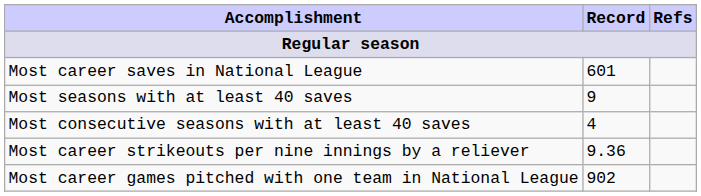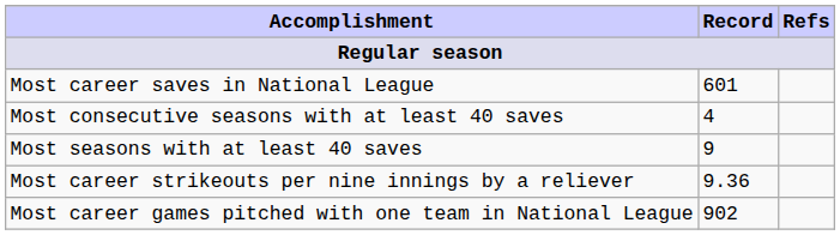 <table class="wikitable" margin: 5px; text-align: center;>
 <tr>
 </tr>
 <tr>
 <th style="background:#ccccff;">Accomplishment</th>
 <th style="background:#ccccff;">Record</th>
 <th style="background:#ccccff;">Refs</th>
 </tr>
 <tr>
 <th style="background:#ddddee;" colspan="3">Regular season</th>
 </tr>
 <tr>
 <td>Most career saves in National League</td>
 <td>601</td>
 <td></td>
 </tr>
 <tr>
-<td>Most seasons with at least 40 saves</td>
-<td>9 </td>
+<td>Most consecutive seasons with at least 40 saves</td>
+<td>4 </td>
 <td></td>
 </tr>
 <tr>
-<td>Most consecutive seasons with at least 40 saves</td>
-<td>4 </td>
+<td>Most seasons with at least 40 saves</td>
+<td>9 </td>
 <td></td>
 </tr>
 <tr>
 <td>Most career strikeouts per nine innings by a reliever</td>
 <td>9.36</td>
 <td></td>
 </tr>
 <tr>
 <td>Most career games pitched with one team in National League</td>
 <td>902</td>
 <td></td>
 </tr>
 </table>
